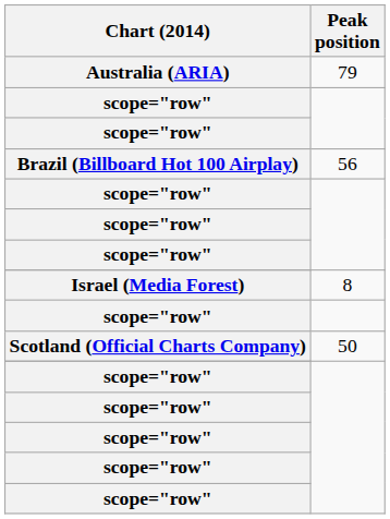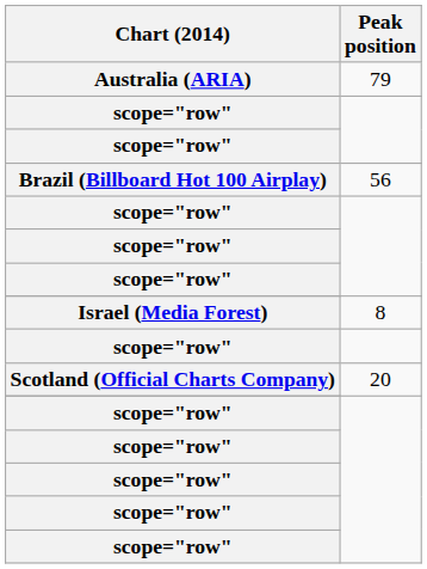 <table class="wikitable sortable plainrowheaders">
 <tr>
 <th scope="col">Chart (2014)</th>
 <th scope="col">Peak<br>position</th>
 </tr>
 <tr>
 <th scope="row">Australia (<a href='#'>ARIA</a>)</th>
 <td style="text-align: center;">79</td>
 </tr>
 <tr>
 <th>scope="row"</th>
 </tr>
 <tr>
 <th>scope="row"</th>
 </tr>
 <tr>
 <th scope="row">Brazil (<a href='#'>Billboard Hot 100 Airplay</a>)</th>
 <td style="text-align:center;">56</td>
 </tr>
 <tr>
 <th>scope="row"</th>
 </tr>
 <tr>
 <th>scope="row"</th>
 </tr>
 <tr>
 <th>scope="row"</th>
 </tr>
 <tr>
 </tr>
 <tr>
 </tr>
 <tr>
 </tr>
 <tr>
 </tr>
 <tr>
 <th scope="row">Israel (<a href='#'>Media Forest</a>)</th>
 <td style="text-align:center;">8</td>
 </tr>
 <tr>
 <th>scope="row"</th>
 </tr>
 <tr>
 <th scope="row">Scotland (<a href='#'>Official Charts Company</a>)</th>
-<td style="text-align:center;">50</td>
+<td style="text-align:center;">20</td>
 </tr>
 <tr>
 </tr>
 <tr>
 </tr>
 <tr>
 <th>scope="row"</th>
 </tr>
 <tr>
 <th>scope="row"</th>
 </tr>
 <tr>
 <th>scope="row"</th>
 </tr>
 <tr>
 <th>scope="row"</th>
 </tr>
 <tr>
 <th>scope="row"</th>
 </tr>
 </table>
